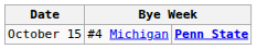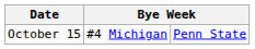 <table class="wikitable" style="font-size:95%;">
 <tr>
 <th>Date</th>
 <th colspan="2">Bye Week</th>
 </tr>
 <tr>
 <td>October 15</td>
 <td>#4 <a href='#'>Michigan</a></td>
-<td><strong><a href='#'>Penn State</a></strong></td>
+<td><a href='#'>Penn State</a></td>
 </tr>
 </table>
